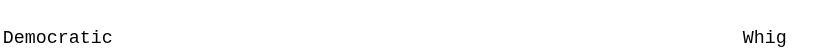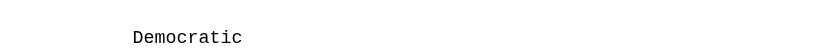 <table style="width:70%; text-align:center">
 <tr style="color:white">
 <td style="background:"><strong>113</strong></td>
 <td style="background:"><strong>11</strong></td>
-<td style="background:"><strong>108</strong></td>
 </tr>
 <tr>
 <td>Democratic</td>
 <td></td>
-<td>Whig</td>
 </tr>
 </table>
